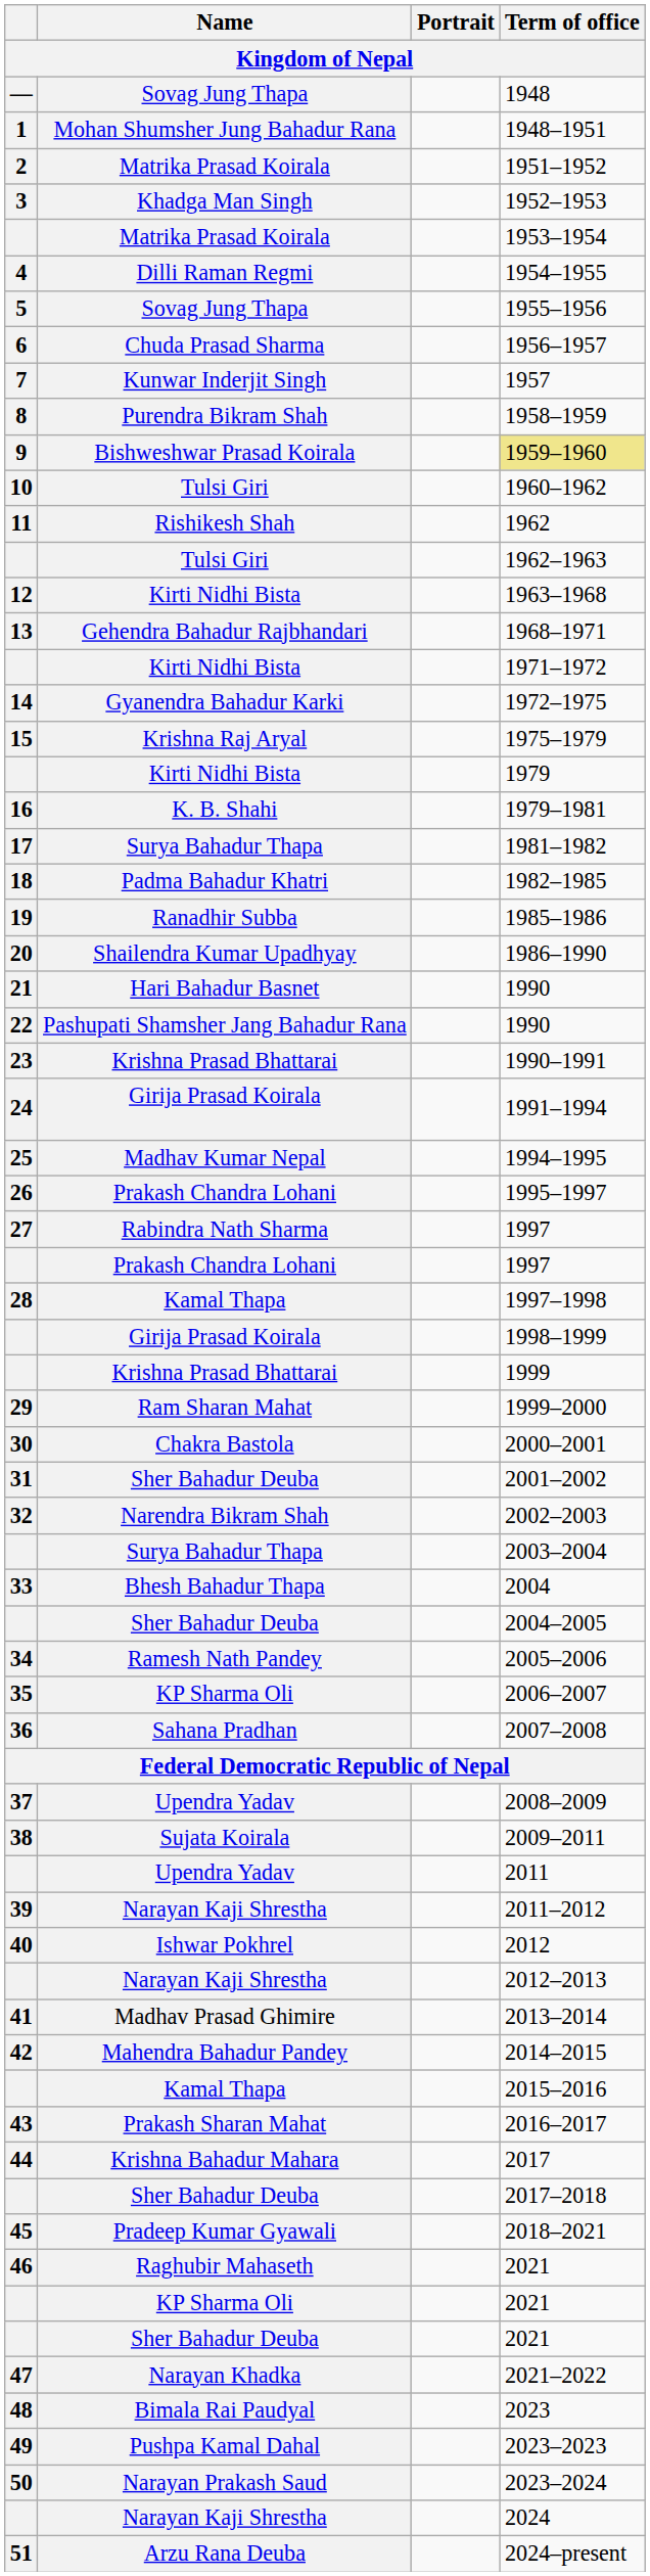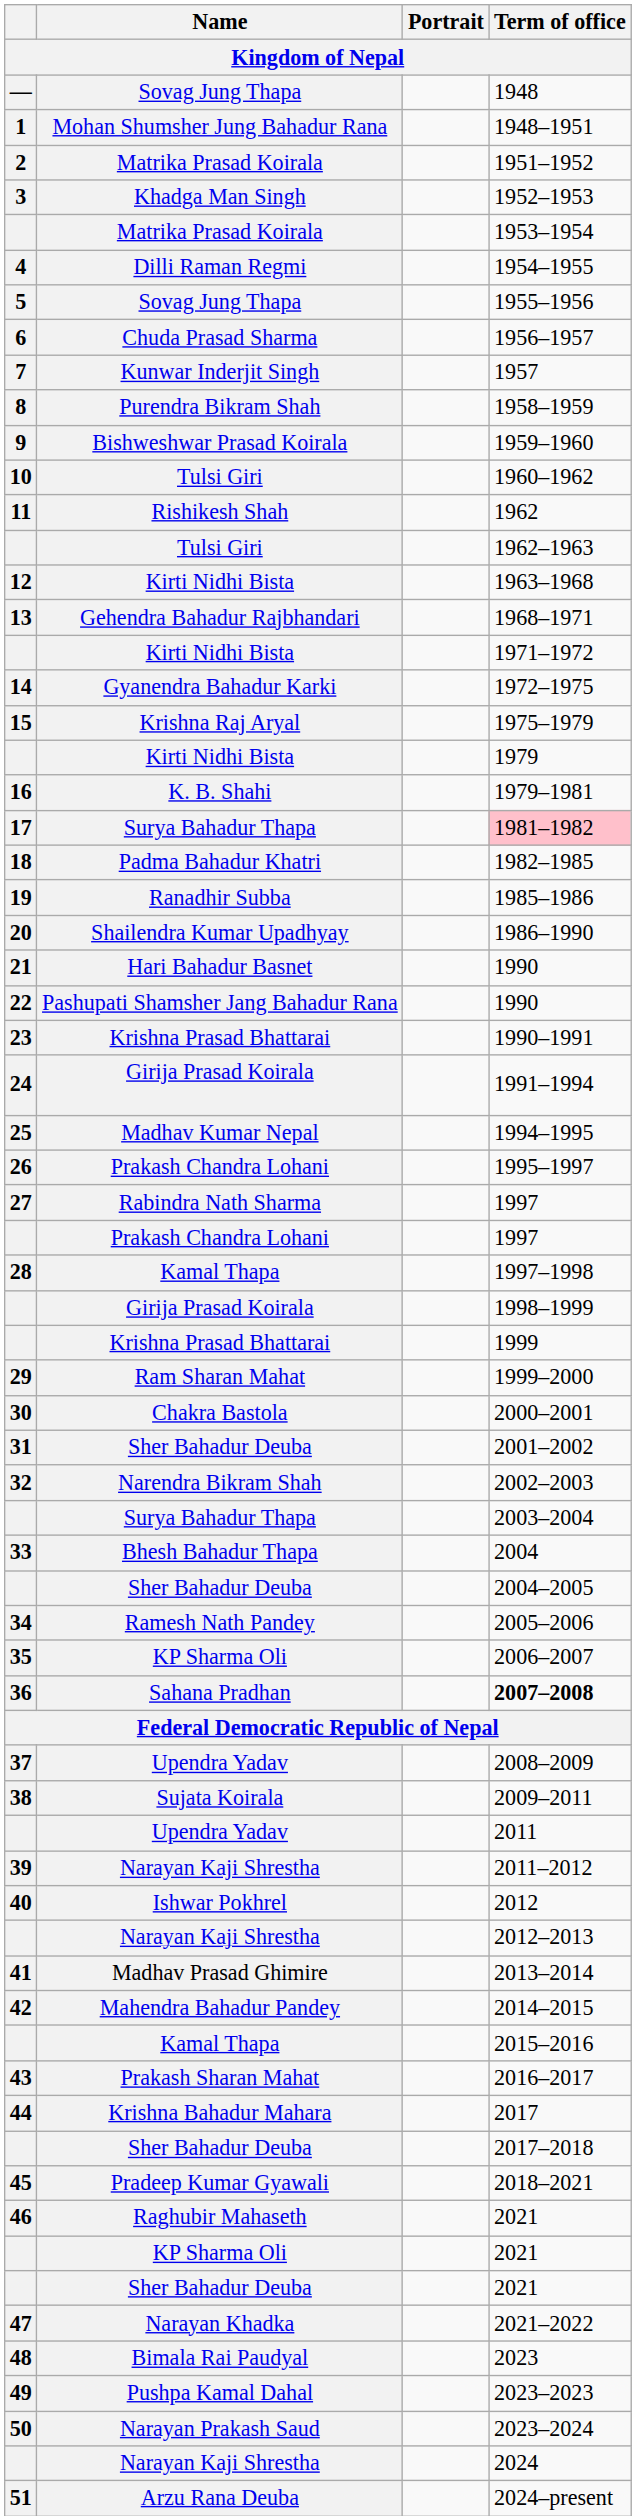 <table class="wikitable">
 <tr>
 <th></th>
 <th>Name<br></th>
 <th>Portrait</th>
 <th>Term of office</th>
 </tr>
 <tr>
 <th colspan="4" align="center"><a href='#'>Kingdom of Nepal</a></th>
 </tr>
 <tr>
 <th>—</th>
 <th align="center" scope="row" style="font-weight:normal;"><a href='#'>Sovag Jung Thapa</a><br></th>
 <td></td>
 <td>1948</td>
 </tr>
 <tr>
 <th>1</th>
 <th align="center" scope="row" style="font-weight:normal;"><a href='#'>Mohan Shumsher Jung Bahadur Rana</a><br></th>
 <td></td>
 <td>1948–1951</td>
 </tr>
 <tr>
 <th>2</th>
 <th align="center" scope="row" style="font-weight:normal;"><a href='#'>Matrika Prasad Koirala</a><br></th>
 <td></td>
 <td>1951–1952</td>
 </tr>
 <tr>
 <th>3</th>
 <th align="center" scope="row" style="font-weight:normal;"><a href='#'>Khadga Man Singh</a><br></th>
 <td></td>
 <td>1952–1953</td>
 </tr>
 <tr>
 <th></th>
 <th align="center" scope="row" style="font-weight:normal;"><a href='#'>Matrika Prasad Koirala</a><br></th>
 <td></td>
 <td>1953–1954</td>
 </tr>
 <tr>
 <th>4</th>
 <th align="center" scope="row" style="font-weight:normal;"><a href='#'>Dilli Raman Regmi</a><br></th>
 <td></td>
 <td>1954–1955</td>
 </tr>
 <tr>
 <th>5</th>
 <th align="center" scope="row" style="font-weight:normal;"><a href='#'>Sovag Jung Thapa</a><br></th>
 <td></td>
 <td>1955–1956</td>
 </tr>
 <tr>
 <th>6</th>
 <th align="center" scope="row" style="font-weight:normal;"><a href='#'>Chuda Prasad Sharma</a><br></th>
 <td></td>
 <td>1956–1957</td>
 </tr>
 <tr>
 <th>7</th>
 <th align="center" scope="row" style="font-weight:normal;"><a href='#'>Kunwar Inderjit Singh</a><br></th>
 <td></td>
 <td>1957</td>
 </tr>
 <tr>
 <th>8</th>
 <th align="center" scope="row" style="font-weight:normal;"><a href='#'>Purendra Bikram Shah</a><br></th>
 <td></td>
 <td>1958–1959</td>
 </tr>
 <tr>
 <th>9</th>
 <th align="center" scope="row" style="font-weight:normal;"><a href='#'>Bishweshwar Prasad Koirala</a><br></th>
 <td></td>
-<td style="background: khaki;">1959–1960</td>
+<td>1959–1960</td>
 </tr>
 <tr>
 <th>10</th>
 <th align="center" scope="row" style="font-weight:normal;"><a href='#'>Tulsi Giri</a><br></th>
 <td></td>
 <td>1960–1962</td>
 </tr>
 <tr>
 <th>11</th>
 <th align="center" scope="row" style="font-weight:normal;"><a href='#'>Rishikesh Shah</a><br></th>
 <td></td>
 <td>1962</td>
 </tr>
 <tr>
 <th></th>
 <th align="center" scope="row" style="font-weight:normal;"><a href='#'>Tulsi Giri</a><br></th>
 <td></td>
 <td>1962–1963</td>
 </tr>
 <tr>
 <th>12</th>
 <th align="center" scope="row" style="font-weight:normal;"><a href='#'>Kirti Nidhi Bista</a><br></th>
 <td></td>
 <td>1963–1968</td>
 </tr>
 <tr>
 <th>13</th>
 <th align="center" scope="row" style="font-weight:normal;"><a href='#'>Gehendra Bahadur Rajbhandari</a><br></th>
 <td></td>
 <td>1968–1971</td>
 </tr>
 <tr>
 <th></th>
 <th align="center" scope="row" style="font-weight:normal;"><a href='#'>Kirti Nidhi Bista</a><br></th>
 <td></td>
 <td>1971–1972</td>
 </tr>
 <tr>
 <th>14</th>
 <th align="center" scope="row" style="font-weight:normal;"><a href='#'>Gyanendra Bahadur Karki</a><br></th>
 <td></td>
 <td>1972–1975</td>
 </tr>
 <tr>
 <th>15</th>
 <th align="center" scope="row" style="font-weight:normal;"><a href='#'>Krishna Raj Aryal</a><br></th>
 <td></td>
 <td>1975–1979</td>
 </tr>
 <tr>
 <th></th>
 <th align="center" scope="row" style="font-weight:normal;"><a href='#'>Kirti Nidhi Bista</a><br></th>
 <td></td>
 <td>1979</td>
 </tr>
 <tr>
 <th>16</th>
 <th align="center" scope="row" style="font-weight:normal;"><a href='#'>K. B. Shahi</a><br></th>
 <td></td>
 <td>1979–1981</td>
 </tr>
 <tr>
 <th>17</th>
 <th align="center" scope="row" style="font-weight:normal;"><a href='#'>Surya Bahadur Thapa</a><br></th>
 <td></td>
-<td>1981–1982</td>
+<td style="background: pink;">1981–1982</td>
 </tr>
 <tr>
 <th>18</th>
 <th align="center" scope="row" style="font-weight:normal;"><a href='#'>Padma Bahadur Khatri</a><br></th>
 <td></td>
 <td>1982–1985</td>
 </tr>
 <tr>
 <th>19</th>
 <th align="center" scope="row" style="font-weight:normal;"><a href='#'>Ranadhir Subba</a><br></th>
 <td></td>
 <td>1985–1986</td>
 </tr>
 <tr>
 <th>20</th>
 <th align="center" scope="row" style="font-weight:normal;"><a href='#'>Shailendra Kumar Upadhyay</a><br></th>
 <td></td>
 <td>1986–1990</td>
 </tr>
 <tr>
 <th>21</th>
 <th align="center" scope="row" style="font-weight:normal;"><a href='#'>Hari Bahadur Basnet</a><br></th>
 <td></td>
 <td>1990</td>
 </tr>
 <tr>
 <th>22</th>
 <th align="center" scope="row" style="font-weight:normal;"><a href='#'>Pashupati Shamsher Jang Bahadur Rana</a><br></th>
 <td></td>
 <td>1990</td>
 </tr>
 <tr>
 <th>23</th>
 <th align="center" scope="row" style="font-weight:normal;"><a href='#'>Krishna Prasad Bhattarai</a><br></th>
 <td></td>
 <td>1990–1991</td>
 </tr>
 <tr>
 <th>24</th>
 <th align="center" scope="row" style="font-weight:normal;"><a href='#'>Girija Prasad Koirala</a><br><br></th>
 <td></td>
 <td>1991–1994</td>
 </tr>
 <tr>
 <th>25</th>
 <th align="center" scope="row" style="font-weight:normal;"><a href='#'>Madhav Kumar Nepal</a><br></th>
 <td></td>
 <td>1994–1995</td>
 </tr>
 <tr>
 <th>26</th>
 <th align="center" scope="row" style="font-weight:normal;"><a href='#'>Prakash Chandra Lohani</a><br></th>
 <td></td>
 <td>1995–1997</td>
 </tr>
 <tr>
 <th>27</th>
 <th align="center" scope="row" style="font-weight:normal;"><a href='#'>Rabindra Nath Sharma</a><br></th>
 <td></td>
 <td>1997</td>
 </tr>
 <tr>
 <th></th>
 <th align="center" scope="row" style="font-weight:normal;"><a href='#'>Prakash Chandra Lohani</a><br></th>
 <td></td>
 <td>1997</td>
 </tr>
 <tr>
 <th>28</th>
 <th align="center" scope="row" style="font-weight:normal;"><a href='#'>Kamal Thapa</a><br></th>
 <td></td>
 <td>1997–1998</td>
 </tr>
 <tr>
 <th></th>
 <th align="center" scope="row" style="font-weight:normal;"><a href='#'>Girija Prasad Koirala</a><br></th>
 <td></td>
 <td>1998–1999</td>
 </tr>
 <tr>
 <th></th>
 <th align="center" scope="row" style="font-weight:normal;"><a href='#'>Krishna Prasad Bhattarai</a><br></th>
 <td></td>
 <td>1999</td>
 </tr>
 <tr>
 <th>29</th>
 <th align="center" scope="row" style="font-weight:normal;"><a href='#'>Ram Sharan Mahat</a><br></th>
 <td></td>
 <td>1999–2000</td>
 </tr>
 <tr>
 <th>30</th>
 <th align="center" scope="row" style="font-weight:normal;"><a href='#'>Chakra Bastola</a><br></th>
 <td></td>
 <td>2000–2001</td>
 </tr>
 <tr>
 <th>31</th>
 <th align="center" scope="row" style="font-weight:normal;"><a href='#'>Sher Bahadur Deuba</a><br></th>
 <td></td>
 <td>2001–2002</td>
 </tr>
 <tr>
 <th>32</th>
 <th align="center" scope="row" style="font-weight:normal;"><a href='#'>Narendra Bikram Shah</a><br></th>
 <td></td>
 <td>2002–2003</td>
 </tr>
 <tr>
 <th></th>
 <th align="center" scope="row" style="font-weight:normal;"><a href='#'>Surya Bahadur Thapa</a><br></th>
 <td></td>
 <td>2003–2004</td>
 </tr>
 <tr>
 <th>33</th>
 <th align="center" scope="row" style="font-weight:normal;"><a href='#'>Bhesh Bahadur Thapa</a><br></th>
 <td></td>
 <td>2004</td>
 </tr>
 <tr>
 <th></th>
 <th align="center" scope="row" style="font-weight:normal;"><a href='#'>Sher Bahadur Deuba</a><br></th>
 <td></td>
 <td>2004–2005</td>
 </tr>
 <tr>
 <th>34</th>
 <th align="center" scope="row" style="font-weight:normal;"><a href='#'>Ramesh Nath Pandey</a><br></th>
 <td></td>
 <td>2005–2006</td>
 </tr>
 <tr>
 <th>35</th>
 <th align="center" scope="row" style="font-weight:normal;"><a href='#'>KP Sharma Oli</a><br></th>
 <td></td>
 <td>2006–2007</td>
 </tr>
 <tr>
 <th>36</th>
 <th align="center" scope="row" style="font-weight:normal;"><a href='#'>Sahana Pradhan</a><br></th>
 <td></td>
-<td>2007–2008</td>
+<td><strong>2007–2008</strong></td>
 </tr>
 <tr>
 <th colspan="4" align="center"><a href='#'>Federal Democratic Republic of Nepal</a></th>
 </tr>
 <tr>
 <th>37</th>
 <th align="center" scope="row" style="font-weight:normal;"><a href='#'>Upendra Yadav</a><br></th>
 <td></td>
 <td>2008–2009</td>
 </tr>
 <tr>
 <th>38</th>
 <th align="center" scope="row" style="font-weight:normal;"><a href='#'>Sujata Koirala</a><br></th>
 <td></td>
 <td>2009–2011</td>
 </tr>
 <tr>
 <th></th>
 <th align="center" scope="row" style="font-weight:normal;"><a href='#'>Upendra Yadav</a><br></th>
 <td></td>
 <td>2011</td>
 </tr>
 <tr>
 <th>39</th>
 <th align="center" scope="row" style="font-weight:normal;"><a href='#'>Narayan Kaji Shrestha</a><br></th>
 <td></td>
 <td>2011–2012</td>
 </tr>
 <tr>
 <th>40</th>
 <th align="center" scope="row" style="font-weight:normal;"><a href='#'>Ishwar Pokhrel</a><br></th>
 <td></td>
 <td>2012</td>
 </tr>
 <tr>
 <th></th>
 <th align="center" scope="row" style="font-weight:normal;"><a href='#'>Narayan Kaji Shrestha</a><br></th>
 <td></td>
 <td>2012–2013</td>
 </tr>
 <tr>
 <th>41</th>
 <th align="center" scope="row" style="font-weight:normal;">Madhav Prasad Ghimire<br></th>
 <td></td>
 <td>2013–2014</td>
 </tr>
 <tr>
 <th>42</th>
 <th align="center" scope="row" style="font-weight:normal;"><a href='#'>Mahendra Bahadur Pandey</a><br></th>
 <td></td>
 <td>2014–2015</td>
 </tr>
 <tr>
 <th></th>
 <th align="center" scope="row" style="font-weight:normal;"><a href='#'>Kamal Thapa</a><br></th>
 <td></td>
 <td>2015–2016</td>
 </tr>
 <tr>
 <th>43</th>
 <th align="center" scope="row" style="font-weight:normal;"><a href='#'>Prakash Sharan Mahat</a><br></th>
 <td></td>
 <td>2016–2017</td>
 </tr>
 <tr>
 <th>44</th>
 <th align="center" scope="row" style="font-weight:normal;"><a href='#'>Krishna Bahadur Mahara</a><br></th>
 <td></td>
 <td>2017</td>
 </tr>
 <tr>
 <th></th>
 <th align="center" scope="row" style="font-weight:normal;"><a href='#'>Sher Bahadur Deuba</a><br></th>
 <td></td>
 <td>2017–2018</td>
 </tr>
 <tr>
 <th>45</th>
 <th align="center" scope="row" style="font-weight:normal;"><a href='#'>Pradeep Kumar Gyawali</a><br></th>
 <td></td>
 <td>2018–2021</td>
 </tr>
 <tr>
 <th>46</th>
 <th align="center" scope="row" style="font-weight:normal;"><a href='#'>Raghubir Mahaseth</a><br></th>
 <td></td>
 <td>2021</td>
 </tr>
 <tr>
 <th></th>
 <th align="center" scope="row" style="font-weight:normal;"><a href='#'>KP Sharma Oli</a><br></th>
 <td></td>
 <td>2021</td>
 </tr>
 <tr>
 <th></th>
 <th align="center" scope="row" style="font-weight:normal;"><a href='#'>Sher Bahadur Deuba</a><br></th>
 <td></td>
 <td>2021</td>
 </tr>
 <tr>
 <th>47</th>
 <th align="center" scope="row" style="font-weight:normal;"><a href='#'>Narayan Khadka</a><br></th>
 <td></td>
 <td>2021–2022</td>
 </tr>
 <tr>
 <th>48</th>
 <th align="center" scope="row" style="font-weight:normal;"><a href='#'>Bimala Rai Paudyal</a><br></th>
 <td></td>
 <td>2023</td>
 </tr>
 <tr>
 <th>49</th>
 <th align="center" scope="row" style="font-weight:normal;"><a href='#'>Pushpa Kamal Dahal</a><br></th>
 <td></td>
 <td>2023–2023</td>
 </tr>
 <tr>
 <th>50</th>
 <th align="center" scope="row" style="font-weight:normal;"><a href='#'>Narayan Prakash Saud</a><br></th>
 <td></td>
 <td>2023–2024</td>
 </tr>
 <tr>
 <th></th>
 <th align="center" scope="row" style="font-weight:normal;"><a href='#'>Narayan Kaji Shrestha</a><br></th>
 <td></td>
 <td>2024</td>
 </tr>
 <tr>
 <th>51</th>
 <th align="center" scope="row" style="font-weight:normal;"><a href='#'>Arzu Rana Deuba</a><br></th>
 <td></td>
 <td>2024–present</td>
 </tr>
 </table>
